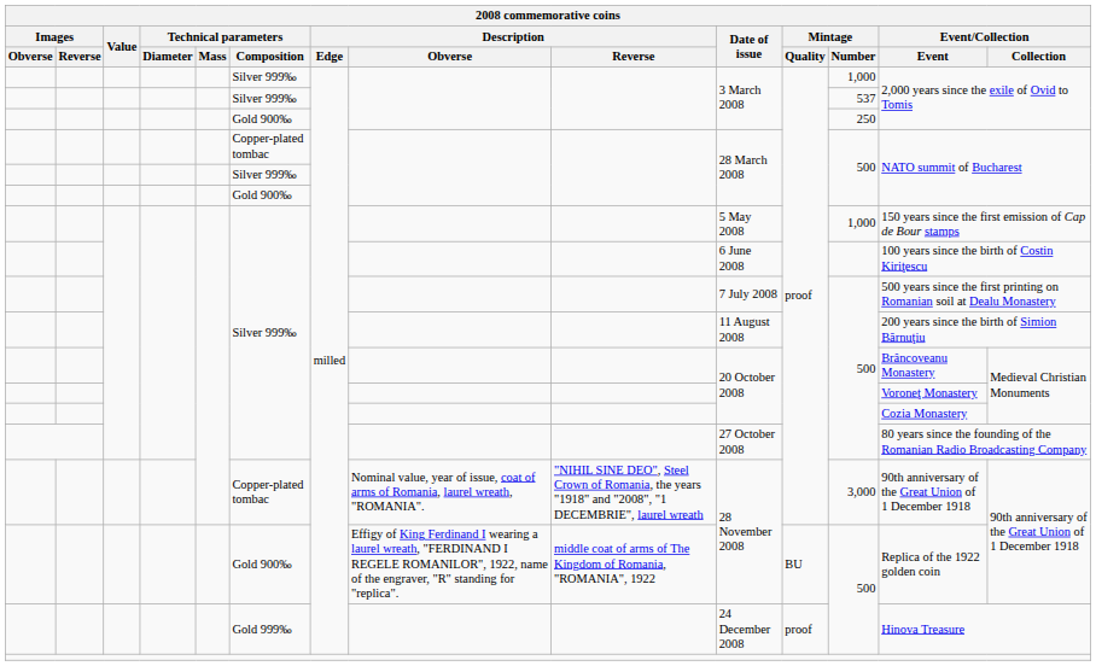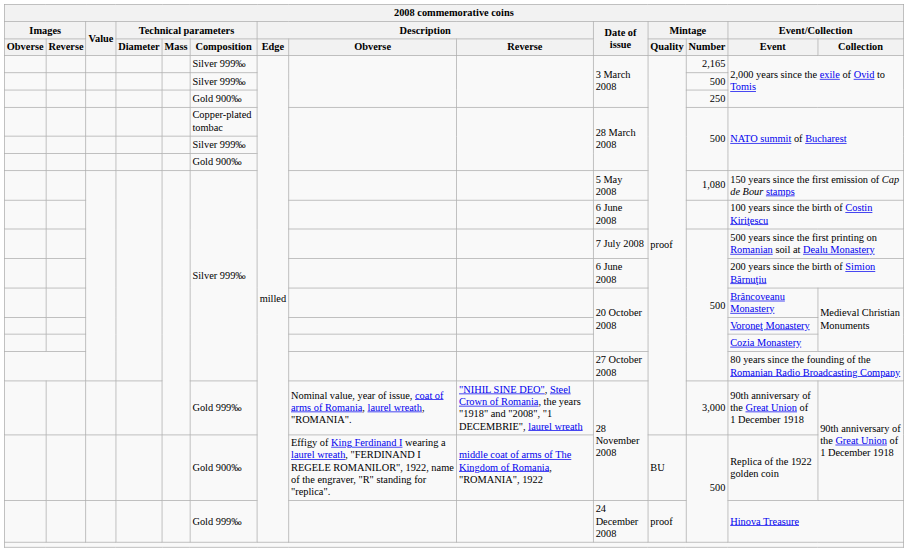 <table class="wikitable" style="font-size: 90%">
 <tr>
 <th colspan="14">2008 commemorative coins</th>
 </tr>
 <tr>
 <th colspan=2>Images</th>
 <th rowspan=2>Value</th>
 <th colspan=3>Technical parameters</th>
 <th colspan=3>Description</th>
 <th rowspan=2>Date of issue</th>
 <th colspan=2>Mintage</th>
 <th colspan=2>Event/Collection</th>
 </tr>
 <tr>
 <th>Obverse</th>
 <th>Reverse</th>
 <th>Diameter</th>
 <th>Mass</th>
 <th>Composition</th>
 <th>Edge</th>
 <th>Obverse</th>
 <th>Reverse</th>
 <th>Quality</th>
 <th>Number</th>
 <th>Event</th>
 <th>Collection</th>
 </tr>
 <tr>
 <td></td>
 <td></td>
 <td align = right></td>
 <td align = right></td>
 <td align = right></td>
 <td>Silver 999‰</td>
 <td rowspan="17">milled</td>
 <td rowspan=3></td>
 <td rowspan=3></td>
 <td rowspan=3>3 March 2008</td>
 <td rowspan="15">proof</td>
-<td align = right>1,000</td>
+<td align = right>2,165</td>
 <td colspan=2 rowspan=3>2,000 years since the <a href='#'>exile</a> of <a href='#'>Ovid</a> to <a href='#'>Tomis</a></td>
 </tr>
 <tr>
 <td></td>
 <td></td>
 <td align = right></td>
 <td align = right></td>
 <td align = right></td>
 <td>Silver 999‰</td>
-<td align = right>537</td>
+<td align = right>500</td>
 </tr>
 <tr>
 <td></td>
 <td></td>
 <td align = right></td>
 <td align = right></td>
 <td align = right></td>
 <td>Gold 900‰</td>
 <td align = right>250</td>
 </tr>
 <tr>
 <td></td>
 <td></td>
 <td align = right></td>
 <td align = right></td>
 <td align = right></td>
 <td>Copper-plated tombac</td>
 <td rowspan=3></td>
 <td rowspan=3></td>
 <td rowspan=3>28 March 2008</td>
 <td rowspan="3" align="right">500</td>
 <td colspan=2 rowspan=3><a href='#'>NATO summit</a> of <a href='#'>Bucharest</a></td>
 </tr>
 <tr>
 <td></td>
 <td></td>
 <td align = right></td>
 <td align = right></td>
 <td align = right></td>
 <td>Silver 999‰</td>
 </tr>
 <tr>
 <td></td>
 <td></td>
 <td align = right></td>
 <td align = right></td>
 <td align = right></td>
 <td>Gold 900‰</td>
 </tr>
 <tr>
 <td></td>
 <td></td>
 <td rowspan="8" align="right"></td>
 <td rowspan="8" align="right"></td>
 <td rowspan="9" align="right"></td>
 <td rowspan="8">Silver 999‰</td>
 <td></td>
 <td></td>
 <td>5 May 2008</td>
-<td align = right>1,000</td>
+<td align = right>1,080</td>
 <td colspan=2>150 years since the first emission of <em>Cap de Bour</em> <a href='#'>stamps</a></td>
 </tr>
 <tr>
 <td></td>
 <td></td>
 <td></td>
 <td></td>
 <td>6 June 2008</td>
 <td align = right></td>
 <td colspan=2>100 years since the birth of <a href='#'>Costin Kiriţescu</a></td>
 </tr>
 <tr>
 <td></td>
 <td></td>
 <td></td>
 <td></td>
 <td>7 July 2008</td>
 <td rowspan="6" align="right">500</td>
 <td colspan=2>500 years since the first printing on <a href='#'>Romanian</a> soil at <a href='#'>Dealu Monastery</a></td>
 </tr>
 <tr>
 <td></td>
 <td></td>
 <td></td>
 <td></td>
-<td>11 August 2008</td>
+<td>6 June 2008</td>
 <td colspan=2>200 years since the birth of <a href='#'>Simion Bărnuţiu</a></td>
 </tr>
 <tr>
 <td></td>
 <td></td>
 <td></td>
 <td></td>
 <td rowspan=3>20 October 2008</td>
 <td><a href='#'>Brâncoveanu Monastery</a></td>
 <td rowspan=3>Medieval Christian Monuments</td>
 </tr>
 <tr>
 <td></td>
 <td></td>
 <td></td>
 <td></td>
 <td><a href='#'>Voroneţ Monastery</a></td>
 </tr>
 <tr>
 <td></td>
 <td></td>
 <td></td>
 <td></td>
 <td><a href='#'>Cozia Monastery</a></td>
 </tr>
 <tr>
 <td colspan="2"></td>
 <td></td>
 <td></td>
 <td>27 October 2008</td>
 <td colspan=2>80 years since the founding of the <a href='#'>Romanian Radio Broadcasting Company</a></td>
 </tr>
 <tr>
 <td></td>
 <td></td>
 <td align = right></td>
 <td align = right></td>
-<td>Copper-plated tombac</td>
+<td>Gold 999‰</td>
 <td>Nominal value, year of issue, <a href='#'>coat of arms of Romania</a>, <a href='#'>laurel wreath</a>, "ROMANIA".</td>
 <td><a href='#'>"NIHIL SINE DEO"</a>, <a href='#'>Steel Crown of Romania</a>, the years "1918" and "2008", "1 DECEMBRIE", <a href='#'>laurel wreath</a></td>
 <td rowspan=2>28 November 2008</td>
 <td align = right>3,000</td>
 <td>90th anniversary of the <a href='#'>Great Union</a> of 1 December 1918</td>
 <td rowspan=2>90th anniversary of the <a href='#'>Great Union</a> of 1 December 1918</td>
 </tr>
 <tr>
 <td></td>
 <td></td>
 <td align = right></td>
 <td align = right></td>
 <td align = right></td>
 <td>Gold 900‰</td>
 <td>Effigy of <a href='#'>King Ferdinand I</a> wearing a <a href='#'>laurel wreath</a>, "FERDINAND I REGELE ROMANILOR", 1922, name of the engraver, "R" standing for "replica".</td>
 <td><a href='#'>middle coat of arms of The Kingdom of Romania</a>, "ROMANIA", 1922</td>
 <td>BU</td>
 <td rowspan="2" align="right">500</td>
 <td>Replica of the 1922 golden coin</td>
 </tr>
 <tr>
 <td></td>
 <td></td>
 <td align = right></td>
 <td align = right></td>
 <td align = right></td>
 <td>Gold 999‰</td>
 <td></td>
 <td></td>
 <td>24 December 2008</td>
 <td>proof</td>
 <td colspan=2><a href='#'>Hinova Treasure</a></td>
 </tr>
 <tr>
 <td colspan="14"></td>
 </tr>
 </table>
